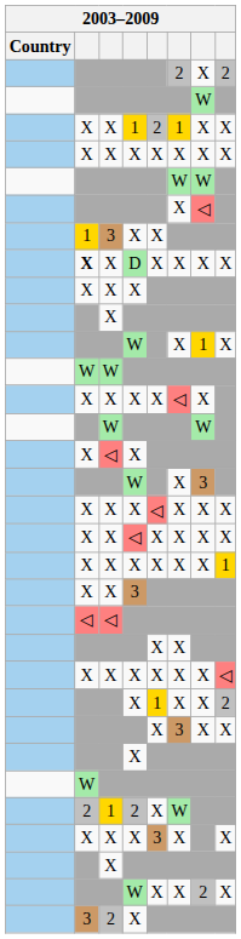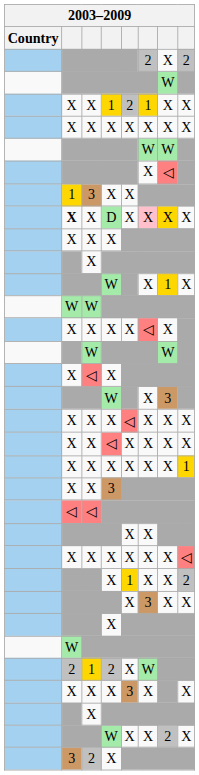 <table class="wikitable collapsible" style="text-align:center">
 <tr>
 <th colspan=9>2003–2009</th>
 </tr>
 <tr>
 <th>Country</th>
 <th></th>
 <th></th>
 <th></th>
 <th></th>
 <th></th>
 <th></th>
 <th></th>
 </tr>
 <tr>
 <td bgcolor="#A4D1EF"></td>
 <td bgcolor="#AAA" colspan=4></td>
 <td style="background:silver">2</td>
 <td>X</td>
 <td style="background:silver">2</td>
 </tr>
 <tr>
 <td></td>
 <td bgcolor="#AAA" colspan=5></td>
 <td style="background:#A4EAA9">W</td>
 <td bgcolor="#AAA"></td>
 </tr>
 <tr>
 <td bgcolor="#A4D1EF"></td>
 <td>X</td>
 <td>X</td>
 <td style="background:gold">1</td>
 <td style="background:silver">2</td>
 <td style="background:gold">1</td>
 <td>X</td>
 <td>X</td>
 </tr>
 <tr>
 <td bgcolor="#A4D1EF"></td>
 <td>X</td>
 <td>X</td>
 <td>X</td>
 <td>X</td>
 <td>X</td>
 <td>X</td>
 <td>X</td>
 </tr>
 <tr>
 <td></td>
 <td bgcolor="#AAA" colspan=4></td>
 <td style="background:#A4EAA9">W</td>
 <td style="background:#A4EAA9">W</td>
 <td bgcolor="#AAA"></td>
 </tr>
 <tr>
 <td bgcolor="#A4D1EF"></td>
 <td bgcolor="#AAA" colspan=4></td>
 <td>X</td>
 <td bgcolor="#FE8080">◁</td>
 <td bgcolor="#AAA"></td>
 </tr>
 <tr>
 <td bgcolor="#A4D1EF"></td>
 <td style="background:gold">1</td>
 <td style="background:#c96">3</td>
 <td>X</td>
 <td>X</td>
 <td bgcolor="#AAA" colspan=3></td>
 </tr>
 <tr>
 <td bgcolor="#A4D1EF"></td>
 <td><strong>X</strong></td>
 <td>X</td>
 <td style="background:#A4EAA9">D</td>
 <td>X</td>
-<td>X</td>
-<td>X</td>
+<td style="background: pink;">X</td>
+<td style="background: gold;">X</td>
 <td>X</td>
 </tr>
 <tr>
 <td bgcolor="#A4D1EF"></td>
 <td>X</td>
 <td>X</td>
 <td>X</td>
 <td bgcolor="#AAA" colspan=4></td>
 </tr>
 <tr>
 <td bgcolor="#A4D1EF"></td>
 <td bgcolor="#AAA"></td>
 <td>X</td>
 <td bgcolor="#AAA" colspan=5></td>
 </tr>
 <tr>
 <td bgcolor="#A4D1EF"></td>
 <td bgcolor="#AAA" colspan=2></td>
 <td style="background:#A4EAA9">W</td>
 <td bgcolor="#AAA"></td>
 <td>X</td>
 <td style="background:gold">1</td>
 <td>X</td>
 </tr>
 <tr>
 <td></td>
 <td style="background:#A4EAA9">W</td>
 <td style="background:#A4EAA9">W</td>
 <td bgcolor="#AAA" colspan=5></td>
 </tr>
 <tr>
 <td bgcolor="#A4D1EF"></td>
 <td>X</td>
 <td>X</td>
 <td>X</td>
 <td>X</td>
 <td bgcolor="#FE8080">◁</td>
 <td>X</td>
 <td bgcolor="#AAA"></td>
 </tr>
 <tr>
 <td></td>
 <td bgcolor="#AAA"></td>
 <td style="background:#A4EAA9">W</td>
 <td bgcolor="#AAA" colspan=3></td>
 <td style="background:#A4EAA9">W</td>
 <td bgcolor="#AAA"></td>
 </tr>
 <tr>
 <td bgcolor="#A4D1EF"></td>
 <td>X</td>
 <td bgcolor="#FE8080">◁</td>
 <td>X</td>
 <td bgcolor="#AAA" colspan=4></td>
 </tr>
 <tr>
 <td bgcolor="#A4D1EF"></td>
 <td bgcolor="#AAA" colspan=2></td>
 <td style="background:#A4EAA9">W</td>
 <td bgcolor="#AAA"></td>
 <td>X</td>
 <td style="background:#c96">3</td>
 <td bgcolor="#AAA"></td>
 </tr>
 <tr>
 <td bgcolor="#A4D1EF"></td>
 <td>X</td>
 <td>X</td>
 <td>X</td>
 <td bgcolor="#FE8080">◁</td>
 <td>X</td>
 <td>X</td>
 <td>X</td>
 </tr>
 <tr>
 <td bgcolor="#A4D1EF"></td>
 <td>X</td>
 <td>X</td>
 <td bgcolor="#FE8080">◁</td>
 <td>X</td>
 <td>X</td>
 <td>X</td>
 <td>X</td>
 </tr>
 <tr>
 <td bgcolor="#A4D1EF"></td>
 <td>X</td>
 <td>X</td>
 <td>X</td>
 <td>X</td>
 <td>X</td>
 <td>X</td>
 <td style="background:gold">1</td>
 </tr>
 <tr>
 <td bgcolor="#A4D1EF"></td>
 <td>X</td>
 <td>X</td>
 <td style="background:#c96">3</td>
 <td bgcolor="#AAA" colspan=4></td>
 </tr>
 <tr>
 <td bgcolor="#A4D1EF"></td>
 <td bgcolor="#FE8080">◁</td>
 <td bgcolor="#FE8080">◁</td>
 <td bgcolor="#AAA" colspan=5></td>
 </tr>
 <tr>
 <td bgcolor="#A4D1EF"></td>
 <td bgcolor="#AAA" colspan=3></td>
 <td>X</td>
 <td>X</td>
 <td bgcolor="#AAA" colspan=2></td>
 </tr>
 <tr>
 <td bgcolor="#A4D1EF"></td>
 <td>X</td>
 <td>X</td>
 <td>X</td>
 <td>X</td>
 <td>X</td>
 <td>X</td>
 <td bgcolor="#FE8080">◁</td>
 </tr>
 <tr>
 <td bgcolor="#A4D1EF"></td>
 <td bgcolor="#AAA" colspan=2></td>
 <td>X</td>
 <td style="background:gold">1</td>
 <td>X</td>
 <td>X</td>
 <td style="background:silver">2</td>
 </tr>
 <tr>
 <td bgcolor="#A4D1EF"></td>
 <td bgcolor="#AAA" colspan=3></td>
 <td>X</td>
 <td style="background:#c96">3</td>
 <td>X</td>
 <td>X</td>
 </tr>
 <tr>
 <td bgcolor="#A4D1EF"></td>
 <td bgcolor="#AAA" colspan=2></td>
 <td>X</td>
 <td bgcolor="#AAA" colspan=4></td>
 </tr>
 <tr>
 <td></td>
 <td style="background:#A4EAA9">W</td>
 <td bgcolor="#AAA" colspan=6></td>
 </tr>
 <tr>
 <td bgcolor="#A4D1EF"></td>
 <td style="background:silver">2</td>
 <td style="background:gold">1</td>
 <td style="background:silver">2</td>
 <td>X</td>
 <td style="background:#A4EAA9">W</td>
 <td bgcolor="#AAA" colspan=2></td>
 </tr>
 <tr>
 <td bgcolor="#A4D1EF"></td>
 <td>X</td>
 <td>X</td>
 <td>X</td>
 <td style="background:#c96">3</td>
 <td>X</td>
 <td bgcolor="#AAA"></td>
 <td>X</td>
 </tr>
 <tr>
 <td bgcolor="#A4D1EF"></td>
 <td bgcolor="#AAA"></td>
 <td>X</td>
 <td bgcolor="#AAA" colspan=5></td>
 </tr>
 <tr>
 <td bgcolor="#A4D1EF"></td>
 <td bgcolor="#AAA" colspan=2></td>
 <td style="background:#A4EAA9">W</td>
 <td>X</td>
 <td>X</td>
 <td style="background:silver">2</td>
 <td>X</td>
 </tr>
 <tr>
 <td bgcolor="#A4D1EF"></td>
 <td style="background:#c96">3</td>
 <td style="background:silver">2</td>
 <td>X</td>
 <td bgcolor="#AAA" colspan=4></td>
 </tr>
 </table>
